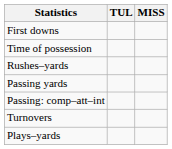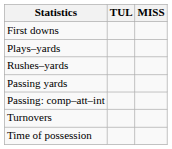 <table class="wikitable" style="float:left">
 <tr>
 <th>Statistics</th>
 <th>TUL</th>
 <th>MISS</th>
 </tr>
 <tr>
 <td>First downs</td>
 <td></td>
 <td></td>
 </tr>
 <tr>
-<td>Time of possession</td>
+<td>Plays–yards</td>
 <td></td>
 <td></td>
 </tr>
 <tr>
 <td>Rushes–yards</td>
 <td></td>
 <td></td>
 </tr>
 <tr>
 <td>Passing yards</td>
 <td></td>
 <td></td>
 </tr>
 <tr>
 <td>Passing: comp–att–int</td>
 <td></td>
 <td></td>
 </tr>
 <tr>
 <td>Turnovers</td>
 <td></td>
 <td></td>
 </tr>
 <tr>
-<td>Plays–yards</td>
+<td>Time of possession</td>
 <td></td>
 <td></td>
 </tr>
 </table>
